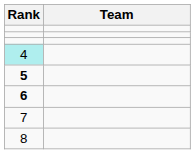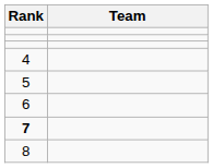 <table class="wikitable">
 <tr>
 <th>Rank</th>
 <th width=170>Team</th>
 </tr>
 <tr>
 <td align=center></td>
 <td></td>
 </tr>
 <tr>
 <td align=center></td>
 <td></td>
 </tr>
 <tr>
 <td align=center></td>
 <td></td>
 </tr>
 <tr>
-<td align=center style="background: paleturquoise;">4</td>
+<td align=center>4</td>
 <td></td>
 </tr>
 <tr>
-<td align=center><strong>5</strong></td>
+<td align=center>5</td>
 <td></td>
 </tr>
 <tr>
-<td align=center><strong>6</strong></td>
+<td align=center>6</td>
 <td></td>
 </tr>
 <tr>
-<td align=center>7</td>
+<td align=center><strong>7</strong></td>
 <td></td>
 </tr>
 <tr>
 <td align=center>8</td>
 <td></td>
 </tr>
 </table>
